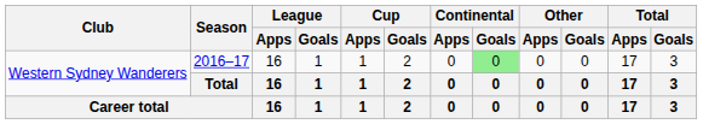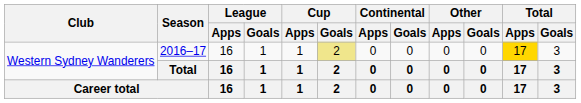 <table class="wikitable" style="text-align: center;">
 <tr>
 <th rowspan="2">Club</th>
 <th rowspan="2">Season</th>
 <th colspan="2">League</th>
 <th colspan="2">Cup</th>
 <th colspan="2">Continental</th>
 <th colspan="2">Other</th>
 <th colspan="2">Total</th>
 </tr>
 <tr>
 <th>Apps</th>
 <th>Goals</th>
 <th>Apps</th>
 <th>Goals</th>
 <th>Apps</th>
 <th>Goals</th>
 <th>Apps</th>
 <th>Goals</th>
 <th>Apps</th>
 <th>Goals</th>
 </tr>
 <tr>
 <td rowspan=2><a href='#'>Western Sydney Wanderers</a></td>
 <td><a href='#'>2016–17</a></td>
 <td>16</td>
 <td>1</td>
 <td>1</td>
-<td>2</td>
-<td>0</td>
-<td style="background: lightgreen;">0</td>
+<td style="background: khaki;">2</td>
 <td>0</td>
 <td>0</td>
-<td>17</td>
+<td>0</td>
+<td>0</td>
+<td style="background: gold;">17</td>
 <td>3</td>
 </tr>
 <tr>
 <th>Total</th>
 <th>16</th>
 <th>1</th>
 <th>1</th>
 <th>2</th>
 <th>0</th>
 <th>0</th>
 <th>0</th>
 <th>0</th>
 <th>17</th>
 <th>3</th>
 </tr>
 <tr>
 <th colspan=2>Career total</th>
 <th>16</th>
 <th>1</th>
 <th>1</th>
 <th>2</th>
 <th>0</th>
 <th>0</th>
 <th>0</th>
 <th>0</th>
 <th>17</th>
 <th>3</th>
 </tr>
 </table>
